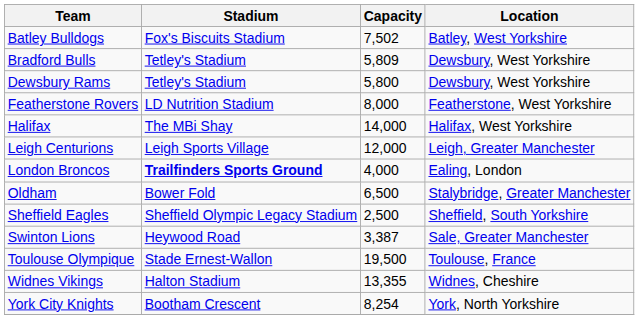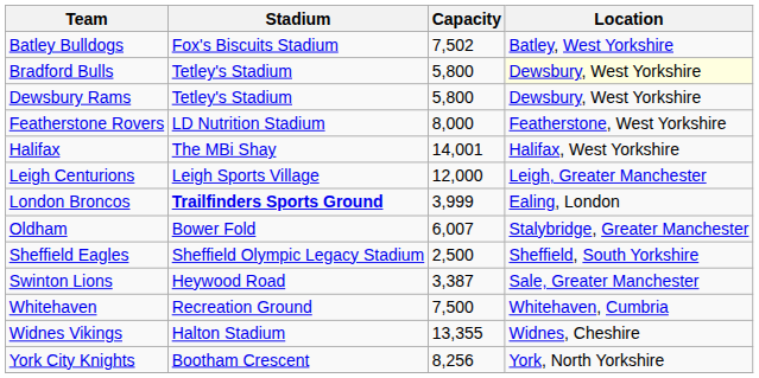 <table class="wikitable" style="font-size:95%;">
 <tr>
 <th>Team</th>
 <th>Stadium</th>
 <th>Capacity</th>
 <th>Location</th>
 </tr>
 <tr style="background:">
 <td> <a href='#'>Batley Bulldogs</a></td>
 <td><a href='#'>Fox's Biscuits Stadium</a></td>
 <td>7,502</td>
 <td><a href='#'>Batley</a>, <a href='#'>West Yorkshire</a></td>
 </tr>
 <tr>
 <td> <a href='#'>Bradford Bulls</a></td>
 <td><a href='#'>Tetley's Stadium</a></td>
-<td>5,809</td>
-<td><a href='#'>Dewsbury</a>, West Yorkshire</td>
+<td>5,800</td>
+<td style="background: lightyellow;"><a href='#'>Dewsbury</a>, West Yorkshire</td>
 </tr>
 <tr>
 <td> <a href='#'>Dewsbury Rams</a></td>
 <td><a href='#'>Tetley's Stadium</a></td>
 <td>5,800</td>
 <td><a href='#'>Dewsbury</a>, West Yorkshire</td>
 </tr>
 <tr>
 <td> <a href='#'>Featherstone Rovers</a></td>
 <td><a href='#'>LD Nutrition Stadium</a></td>
 <td>8,000</td>
 <td><a href='#'>Featherstone</a>, West Yorkshire</td>
 </tr>
 <tr>
 <td> <a href='#'>Halifax</a></td>
 <td><a href='#'>The MBi Shay</a></td>
-<td>14,000</td>
+<td>14,001</td>
 <td><a href='#'>Halifax</a>, West Yorkshire</td>
 </tr>
 <tr>
 <td> <a href='#'>Leigh Centurions</a></td>
 <td><a href='#'>Leigh Sports Village</a></td>
 <td>12,000</td>
 <td><a href='#'>Leigh, Greater Manchester</a></td>
 </tr>
 <tr>
 <td> <a href='#'>London Broncos</a></td>
 <td><strong><a href='#'>Trailfinders Sports Ground</a></strong></td>
-<td>4,000</td>
+<td>3,999</td>
 <td><a href='#'>Ealing</a>, London</td>
 </tr>
 <tr>
 <td> <a href='#'>Oldham</a></td>
 <td><a href='#'>Bower Fold</a></td>
-<td>6,500</td>
+<td>6,007</td>
 <td><a href='#'>Stalybridge</a>, <a href='#'>Greater Manchester</a></td>
 </tr>
 <tr>
 <td> <a href='#'>Sheffield Eagles</a></td>
 <td><a href='#'>Sheffield Olympic Legacy Stadium</a></td>
 <td>2,500</td>
 <td><a href='#'>Sheffield</a>, <a href='#'>South Yorkshire</a></td>
 </tr>
 <tr>
 <td> <a href='#'>Swinton Lions</a></td>
 <td><a href='#'>Heywood Road</a></td>
 <td>3,387</td>
 <td><a href='#'>Sale, Greater Manchester</a></td>
 </tr>
 <tr>
-<td> <a href='#'>Toulouse Olympique</a></td>
-<td><a href='#'>Stade Ernest-Wallon</a></td>
-<td>19,500</td>
-<td><a href='#'>Toulouse</a>, <a href='#'>France</a></td>
+<td> <a href='#'>Whitehaven</a></td>
+<td><a href='#'>Recreation Ground</a></td>
+<td>7,500</td>
+<td><a href='#'>Whitehaven</a>, <a href='#'>Cumbria</a></td>
 </tr>
 <tr>
 <td> <a href='#'>Widnes Vikings</a></td>
 <td><a href='#'>Halton Stadium</a></td>
 <td>13,355</td>
 <td><a href='#'>Widnes</a>, Cheshire</td>
 </tr>
 <tr>
 <td> <a href='#'>York City Knights</a></td>
 <td><a href='#'>Bootham Crescent</a></td>
-<td>8,254</td>
+<td>8,256</td>
 <td><a href='#'>York</a>, North Yorkshire</td>
 </tr>
 <tr>
 </tr>
 </table>
